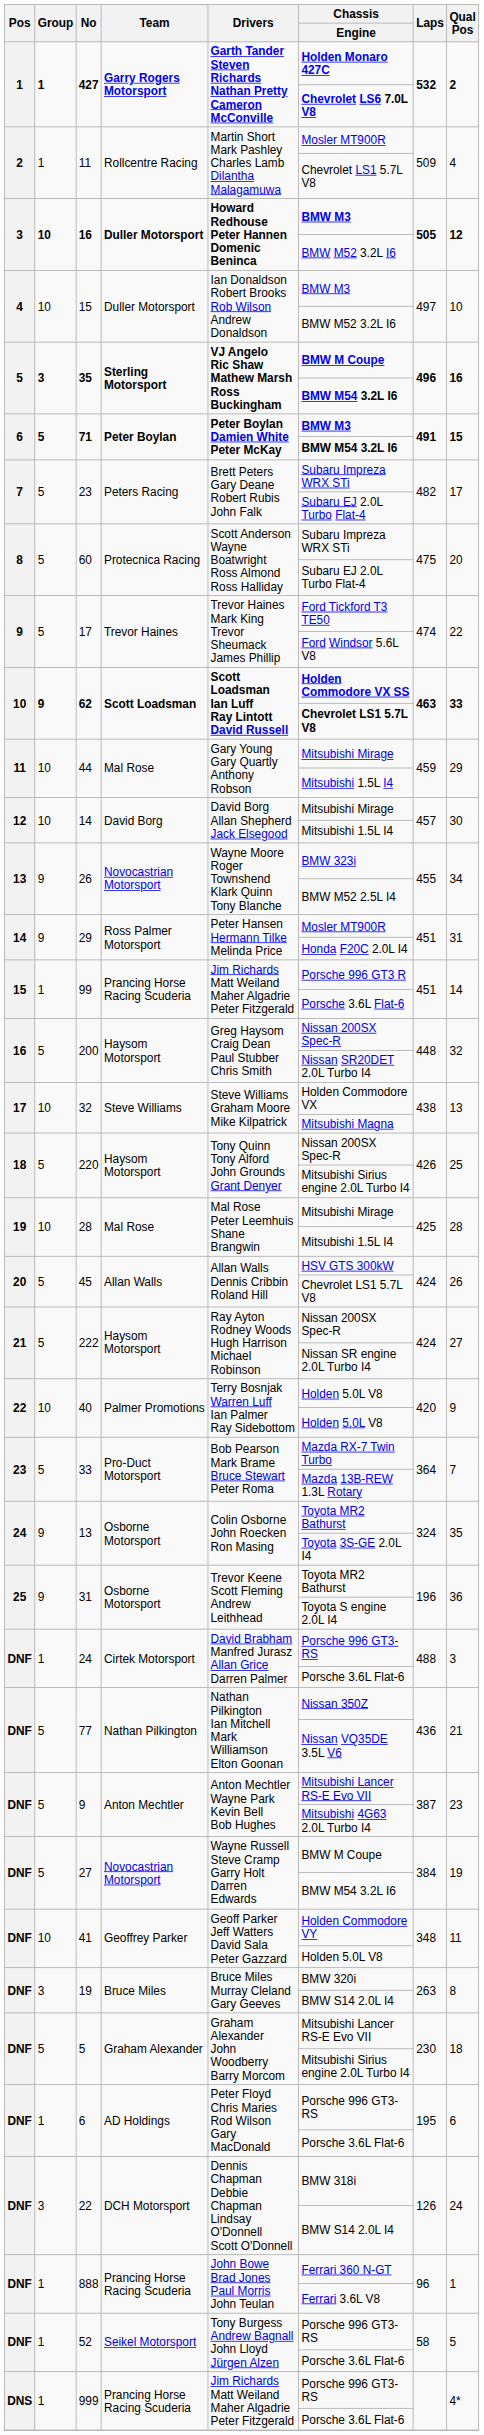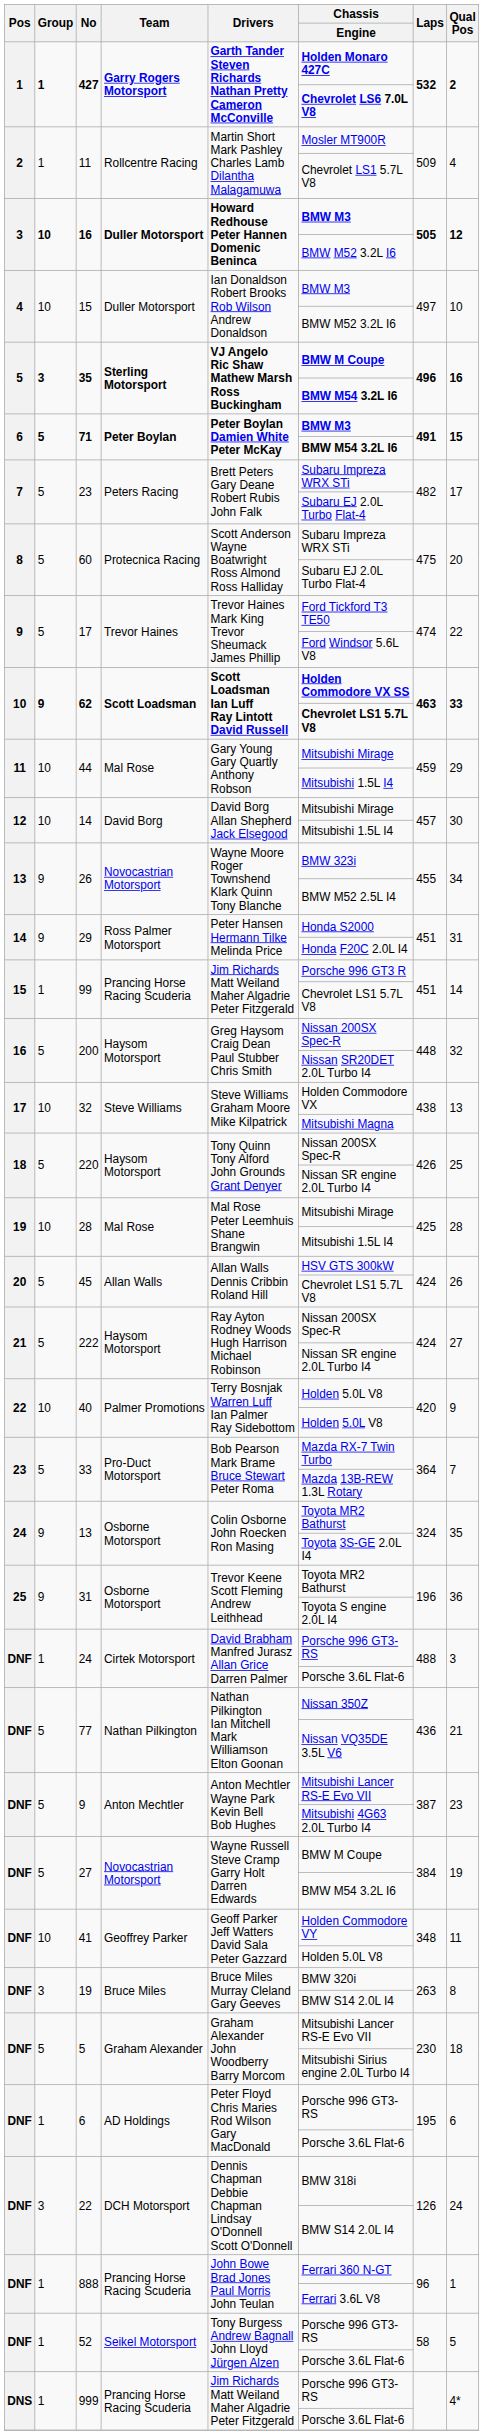 <table class="wikitable" style="font-size: 95%;">
 <tr>
 <th rowspan=2>Pos</th>
 <th rowspan=2>Group</th>
 <th rowspan=2>No</th>
 <th rowspan=2>Team</th>
 <th rowspan=2>Drivers</th>
 <th>Chassis</th>
 <th rowspan=2>Laps</th>
 <th rowspan=2>Qual<br>Pos</th>
 </tr>
 <tr>
 <th>Engine</th>
 </tr>
 <tr style="font-weight:bold">
 <th rowspan=2>1</th>
 <td rowspan=2>1</td>
 <td rowspan=2>427</td>
 <td rowspan=2> <a href='#'>Garry Rogers Motorsport</a></td>
 <td rowspan=2> <a href='#'>Garth Tander</a><br> <a href='#'>Steven Richards</a><br> <a href='#'>Nathan Pretty</a><br> <a href='#'>Cameron McConville</a></td>
 <td><a href='#'>Holden Monaro 427C</a></td>
 <td rowspan=2>532</td>
 <td rowspan=2>2</td>
 </tr>
 <tr style="font-weight:bold">
 <td><a href='#'>Chevrolet</a> <a href='#'>LS6</a> 7.0L <a href='#'>V8</a></td>
 </tr>
 <tr>
 <th rowspan=2>2</th>
 <td rowspan=2>1</td>
 <td rowspan=2>11</td>
 <td rowspan=2> Rollcentre Racing</td>
 <td rowspan=2> Martin Short<br> Mark Pashley<br> Charles Lamb<br> <a href='#'>Dilantha Malagamuwa</a></td>
 <td><a href='#'>Mosler MT900R</a></td>
 <td rowspan=2>509</td>
 <td rowspan=2>4</td>
 </tr>
 <tr>
 <td>Chevrolet <a href='#'>LS1</a> 5.7L V8</td>
 </tr>
 <tr style="font-weight:bold">
 <th rowspan=2>3</th>
 <td rowspan=2>10</td>
 <td rowspan=2>16</td>
 <td rowspan=2> Duller Motorsport</td>
 <td rowspan=2> Howard Redhouse<br> Peter Hannen<br> Domenic Beninca</td>
 <td><a href='#'>BMW M3</a></td>
 <td rowspan=2>505</td>
 <td rowspan=2>12</td>
 </tr>
 <tr>
 <td><a href='#'>BMW</a> <a href='#'>M52</a> 3.2L <a href='#'>I6</a></td>
 </tr>
 <tr>
 <th rowspan=2>4</th>
 <td rowspan=2>10</td>
 <td rowspan=2>15</td>
 <td rowspan=2> Duller Motorsport</td>
 <td rowspan=2> Ian Donaldson<br> Robert Brooks<br> <a href='#'>Rob Wilson</a><br> Andrew Donaldson</td>
 <td><a href='#'>BMW M3</a></td>
 <td rowspan=2>497</td>
 <td rowspan=2>10</td>
 </tr>
 <tr>
 <td>BMW M52 3.2L I6</td>
 </tr>
 <tr style="font-weight:bold">
 <th rowspan=2>5</th>
 <td rowspan=2>3</td>
 <td rowspan=2>35</td>
 <td rowspan=2> Sterling Motorsport</td>
 <td rowspan=2> VJ Angelo<br> Ric Shaw<br> Mathew Marsh<br> Ross Buckingham</td>
 <td><a href='#'>BMW M Coupe</a></td>
 <td rowspan=2>496</td>
 <td rowspan=2>16</td>
 </tr>
 <tr style="font-weight:bold">
 <td><a href='#'>BMW M54</a> 3.2L I6</td>
 </tr>
 <tr style="font-weight:bold">
 <th rowspan=2>6</th>
 <td rowspan=2>5</td>
 <td rowspan=2>71</td>
 <td rowspan=2> Peter Boylan</td>
 <td rowspan=2> Peter Boylan<br> <a href='#'>Damien White</a><br> Peter McKay</td>
 <td><a href='#'>BMW M3</a></td>
 <td rowspan=2>491</td>
 <td rowspan=2>15</td>
 </tr>
 <tr style="font-weight:bold">
 <td>BMW M54 3.2L I6</td>
 </tr>
 <tr>
 <th rowspan=2>7</th>
 <td rowspan=2>5</td>
 <td rowspan=2>23</td>
 <td rowspan=2> Peters Racing</td>
 <td rowspan=2> Brett Peters<br> Gary Deane<br> Robert Rubis<br> John Falk</td>
 <td><a href='#'>Subaru Impreza WRX STi</a></td>
 <td rowspan=2>482</td>
 <td rowspan=2>17</td>
 </tr>
 <tr>
 <td><a href='#'>Subaru EJ</a> 2.0L <a href='#'>Turbo</a> <a href='#'>Flat-4</a></td>
 </tr>
 <tr>
 <th rowspan=2>8</th>
 <td rowspan=2>5</td>
 <td rowspan=2>60</td>
 <td rowspan=2> Protecnica Racing</td>
 <td rowspan=2> Scott Anderson<br> Wayne Boatwright<br> Ross Almond<br> Ross Halliday</td>
 <td>Subaru Impreza WRX STi</td>
 <td rowspan=2>475</td>
 <td rowspan=2>20</td>
 </tr>
 <tr>
 <td>Subaru EJ 2.0L Turbo Flat-4</td>
 </tr>
 <tr>
 <th rowspan=2>9</th>
 <td rowspan=2>5</td>
 <td rowspan=2>17</td>
 <td rowspan=2> Trevor Haines</td>
 <td rowspan=2> Trevor Haines<br> Mark King<br> Trevor Sheumack<br> James Phillip</td>
 <td><a href='#'>Ford Tickford T3 TE50</a></td>
 <td rowspan=2>474</td>
 <td rowspan=2>22</td>
 </tr>
 <tr>
 <td><a href='#'>Ford</a> <a href='#'>Windsor</a> 5.6L V8</td>
 </tr>
 <tr style="font-weight:bold">
 <th rowspan=2>10</th>
 <td rowspan=2>9</td>
 <td rowspan=2>62</td>
 <td rowspan=2> Scott Loadsman</td>
 <td rowspan=2> Scott Loadsman<br> Ian Luff<br> Ray Lintott<br> <a href='#'>David Russell</a></td>
 <td><a href='#'>Holden Commodore VX SS</a></td>
 <td rowspan=2>463</td>
 <td rowspan=2>33</td>
 </tr>
 <tr style="font-weight:bold">
 <td>Chevrolet LS1 5.7L V8</td>
 </tr>
 <tr>
 <th rowspan=2>11</th>
 <td rowspan=2>10</td>
 <td rowspan=2>44</td>
 <td rowspan=2> Mal Rose</td>
 <td rowspan=2> Gary Young<br> Gary Quartly<br> Anthony Robson</td>
 <td><a href='#'>Mitsubishi Mirage</a></td>
 <td rowspan=2>459</td>
 <td rowspan=2>29</td>
 </tr>
 <tr>
 <td><a href='#'>Mitsubishi</a> 1.5L <a href='#'>I4</a></td>
 </tr>
 <tr>
 <th rowspan=2>12</th>
 <td rowspan=2>10</td>
 <td rowspan=2>14</td>
 <td rowspan=2> David Borg</td>
 <td rowspan=2> David Borg<br> Allan Shepherd<br> <a href='#'>Jack Elsegood</a></td>
 <td>Mitsubishi Mirage</td>
 <td rowspan=2>457</td>
 <td rowspan=2>30</td>
 </tr>
 <tr>
 <td>Mitsubishi 1.5L I4</td>
 </tr>
 <tr>
 <th rowspan=2>13</th>
 <td rowspan=2>9</td>
 <td rowspan=2>26</td>
 <td rowspan=2> <a href='#'>Novocastrian Motorsport</a></td>
 <td rowspan=2> Wayne Moore<br> Roger Townshend<br> Klark Quinn<br> Tony Blanche</td>
 <td><a href='#'>BMW 323i</a></td>
 <td rowspan=2>455</td>
 <td rowspan=2>34</td>
 </tr>
 <tr>
 <td>BMW M52 2.5L I4</td>
 </tr>
 <tr>
 <th rowspan=2>14</th>
 <td rowspan=2>9</td>
 <td rowspan=2>29</td>
 <td rowspan=2> Ross Palmer Motorsport</td>
 <td rowspan=2> Peter Hansen<br> <a href='#'>Hermann Tilke</a><br> Melinda Price</td>
-<td><a href='#'>Mosler MT900R</a></td>
+<td><a href='#'>Honda S2000</a></td>
 <td rowspan=2>451</td>
 <td rowspan=2>31</td>
 </tr>
 <tr>
 <td><a href='#'>Honda</a> <a href='#'>F20C</a> 2.0L I4</td>
 </tr>
 <tr>
 <th rowspan=2>15</th>
 <td rowspan=2>1</td>
 <td rowspan=2>99</td>
 <td rowspan=2> Prancing Horse Racing Scuderia</td>
 <td rowspan=2> <a href='#'>Jim Richards</a><br> Matt Weiland<br> Maher Algadrie<br> Peter Fitzgerald</td>
 <td><a href='#'>Porsche 996 GT3 R</a></td>
 <td rowspan=2>451</td>
 <td rowspan=2>14</td>
 </tr>
 <tr>
-<td><a href='#'>Porsche</a> 3.6L <a href='#'>Flat-6</a></td>
+<td>Chevrolet LS1 5.7L V8</td>
 </tr>
 <tr>
 <th rowspan=2>16</th>
 <td rowspan=2>5</td>
 <td rowspan=2>200</td>
 <td rowspan=2> Haysom Motorsport</td>
 <td rowspan=2> Greg Haysom<br> Craig Dean<br> Paul Stubber<br> Chris Smith</td>
 <td><a href='#'>Nissan 200SX Spec-R</a></td>
 <td rowspan=2>448</td>
 <td rowspan=2>32</td>
 </tr>
 <tr>
 <td><a href='#'>Nissan</a> <a href='#'>SR20DET</a> 2.0L Turbo I4</td>
 </tr>
 <tr>
 <th rowspan=2>17</th>
 <td rowspan=2>10</td>
 <td rowspan=2>32</td>
 <td rowspan=2> Steve Williams</td>
 <td rowspan=2> Steve Williams<br> Graham Moore<br> Mike Kilpatrick</td>
 <td>Holden Commodore VX</td>
 <td rowspan=2>438</td>
 <td rowspan=2>13</td>
 </tr>
 <tr>
 <td><a href='#'>Mitsubishi Magna</a></td>
 </tr>
 <tr>
 <th rowspan=2>18</th>
 <td rowspan=2>5</td>
 <td rowspan=2>220</td>
 <td rowspan=2> Haysom Motorsport</td>
 <td rowspan=2> Tony Quinn<br> Tony Alford<br> John Grounds<br> <a href='#'>Grant Denyer</a></td>
 <td>Nissan 200SX Spec-R</td>
 <td rowspan=2>426</td>
 <td rowspan=2>25</td>
 </tr>
 <tr>
-<td>Mitsubishi Sirius engine 2.0L Turbo I4</td>
+<td>Nissan SR engine 2.0L Turbo I4</td>
 </tr>
 <tr>
 <th rowspan=2>19</th>
 <td rowspan=2>10</td>
 <td rowspan=2>28</td>
 <td rowspan=2> Mal Rose</td>
 <td rowspan=2> Mal Rose<br> Peter Leemhuis<br> Shane Brangwin</td>
 <td>Mitsubishi Mirage</td>
 <td rowspan=2>425</td>
 <td rowspan=2>28</td>
 </tr>
 <tr>
 <td>Mitsubishi 1.5L I4</td>
 </tr>
 <tr>
 <th rowspan=2>20</th>
 <td rowspan=2>5</td>
 <td rowspan=2>45</td>
 <td rowspan=2> Allan Walls</td>
 <td rowspan=2> Allan Walls<br> Dennis Cribbin<br> Roland Hill</td>
 <td><a href='#'>HSV GTS 300kW</a></td>
 <td rowspan=2>424</td>
 <td rowspan=2>26</td>
 </tr>
 <tr>
 <td>Chevrolet LS1 5.7L V8</td>
 </tr>
 <tr>
 <th rowspan=2>21</th>
 <td rowspan=2>5</td>
 <td rowspan=2>222</td>
 <td rowspan=2> Haysom Motorsport</td>
 <td rowspan=2> Ray Ayton<br> Rodney Woods<br> Hugh Harrison<br> Michael Robinson</td>
 <td>Nissan 200SX Spec-R</td>
 <td rowspan=2>424</td>
 <td rowspan=2>27</td>
 </tr>
 <tr>
 <td>Nissan SR engine 2.0L Turbo I4</td>
 </tr>
 <tr>
 <th rowspan=2>22</th>
 <td rowspan=2>10</td>
 <td rowspan=2>40</td>
 <td rowspan=2> Palmer Promotions</td>
 <td rowspan=2> Terry Bosnjak<br> <a href='#'>Warren Luff</a><br> Ian Palmer<br> Ray Sidebottom</td>
 <td><a href='#'>Holden</a> 5.0L V8</td>
 <td rowspan=2>420</td>
 <td rowspan=2>9</td>
 </tr>
 <tr>
 <td><a href='#'>Holden</a> <a href='#'>5.0L</a> V8</td>
 </tr>
 <tr>
 <th rowspan=2>23</th>
 <td rowspan=2>5</td>
 <td rowspan=2>33</td>
 <td rowspan=2> Pro-Duct Motorsport</td>
 <td rowspan=2> Bob Pearson<br> Mark Brame<br> <a href='#'>Bruce Stewart</a><br> Peter Roma</td>
 <td><a href='#'>Mazda RX-7 Twin Turbo</a></td>
 <td rowspan=2>364</td>
 <td rowspan=2>7</td>
 </tr>
 <tr>
 <td><a href='#'>Mazda</a> <a href='#'>13B-REW</a> 1.3L <a href='#'>Rotary</a></td>
 </tr>
 <tr>
 <th rowspan=2>24</th>
 <td rowspan=2>9</td>
 <td rowspan=2>13</td>
 <td rowspan=2> Osborne Motorsport</td>
 <td rowspan=2> Colin Osborne<br> John Roecken<br> Ron Masing</td>
 <td><a href='#'>Toyota MR2 Bathurst</a></td>
 <td rowspan=2>324</td>
 <td rowspan=2>35</td>
 </tr>
 <tr>
 <td><a href='#'>Toyota</a> <a href='#'>3S-GE</a> 2.0L I4</td>
 </tr>
 <tr>
 <th rowspan=2>25</th>
 <td rowspan=2>9</td>
 <td rowspan=2>31</td>
 <td rowspan=2> Osborne Motorsport</td>
 <td rowspan=2> Trevor Keene<br> Scott Fleming<br> Andrew Leithhead</td>
 <td>Toyota MR2 Bathurst</td>
 <td rowspan=2>196</td>
 <td rowspan=2>36</td>
 </tr>
 <tr>
 <td>Toyota S engine 2.0L I4</td>
 </tr>
 <tr>
 <th rowspan=2>DNF</th>
 <td rowspan=2>1</td>
 <td rowspan=2>24</td>
 <td rowspan=2> Cirtek Motorsport</td>
 <td rowspan=2> <a href='#'>David Brabham</a><br> Manfred Jurasz<br> <a href='#'>Allan Grice</a><br> Darren Palmer</td>
 <td><a href='#'>Porsche 996 GT3-RS</a></td>
 <td rowspan=2>488</td>
 <td rowspan=2>3</td>
 </tr>
 <tr>
 <td>Porsche 3.6L Flat-6</td>
 </tr>
 <tr>
 <th rowspan=2>DNF</th>
 <td rowspan=2>5</td>
 <td rowspan=2>77</td>
 <td rowspan=2> Nathan Pilkington</td>
 <td rowspan=2> Nathan Pilkington<br> Ian Mitchell<br> Mark Williamson<br> Elton Goonan</td>
 <td><a href='#'>Nissan 350Z</a></td>
 <td rowspan=2>436</td>
 <td rowspan=2>21</td>
 </tr>
 <tr>
 <td><a href='#'>Nissan</a> <a href='#'>VQ35DE</a> 3.5L <a href='#'>V6</a></td>
 </tr>
 <tr>
 <th rowspan=2>DNF</th>
 <td rowspan=2>5</td>
 <td rowspan=2>9</td>
 <td rowspan=2> Anton Mechtler</td>
 <td rowspan=2> Anton Mechtler<br> Wayne Park<br> Kevin Bell<br> Bob Hughes</td>
 <td><a href='#'>Mitsubishi Lancer RS-E Evo VII</a></td>
 <td rowspan=2>387</td>
 <td rowspan=2>23</td>
 </tr>
 <tr>
 <td><a href='#'>Mitsubishi</a> <a href='#'>4G63</a> 2.0L Turbo I4</td>
 </tr>
 <tr>
 <th rowspan=2>DNF</th>
 <td rowspan=2>5</td>
 <td rowspan=2>27</td>
 <td rowspan=2> <a href='#'>Novocastrian Motorsport</a></td>
 <td rowspan=2> Wayne Russell<br> Steve Cramp<br> Garry Holt<br> Darren Edwards</td>
 <td>BMW M Coupe</td>
 <td rowspan=2>384</td>
 <td rowspan=2>19</td>
 </tr>
 <tr>
 <td>BMW M54 3.2L I6</td>
 </tr>
 <tr>
 <th rowspan=2>DNF</th>
 <td rowspan=2>10</td>
 <td rowspan=2>41</td>
 <td rowspan=2> Geoffrey Parker</td>
 <td rowspan=2> Geoff Parker<br> Jeff Watters<br> David Sala<br> Peter Gazzard</td>
 <td><a href='#'>Holden Commodore VY</a></td>
 <td rowspan=2>348</td>
 <td rowspan=2>11</td>
 </tr>
 <tr>
 <td>Holden 5.0L V8</td>
 </tr>
 <tr>
 <th rowspan=2>DNF</th>
 <td rowspan=2>3</td>
 <td rowspan=2>19</td>
 <td rowspan=2> Bruce Miles</td>
 <td rowspan=2> Bruce Miles<br> Murray Cleland<br> Gary Geeves</td>
 <td>BMW 320i</td>
 <td rowspan=2>263</td>
 <td rowspan=2>8</td>
 </tr>
 <tr>
 <td>BMW S14 2.0L I4</td>
 </tr>
 <tr>
 <th rowspan=2>DNF</th>
 <td rowspan=2>5</td>
 <td rowspan=2>5</td>
 <td rowspan=2> Graham Alexander</td>
 <td rowspan=2> Graham Alexander<br> John Woodberry<br> Barry Morcom</td>
 <td>Mitsubishi Lancer RS-E Evo VII</td>
 <td rowspan=2>230</td>
 <td rowspan=2>18</td>
 </tr>
 <tr>
 <td>Mitsubishi Sirius engine 2.0L Turbo I4</td>
 </tr>
 <tr>
 <th rowspan=2>DNF</th>
 <td rowspan=2>1</td>
 <td rowspan=2>6</td>
 <td rowspan=2> AD Holdings</td>
 <td rowspan=2> Peter Floyd<br> Chris Maries<br> Rod Wilson<br> Gary MacDonald</td>
 <td>Porsche 996 GT3-RS</td>
 <td rowspan=2>195</td>
 <td rowspan=2>6</td>
 </tr>
 <tr>
 <td>Porsche 3.6L Flat-6</td>
 </tr>
 <tr>
 <th rowspan=2>DNF</th>
 <td rowspan=2>3</td>
 <td rowspan=2>22</td>
 <td rowspan=2> DCH Motorsport</td>
 <td rowspan=2> Dennis Chapman<br> Debbie Chapman<br> Lindsay O'Donnell<br> Scott O'Donnell</td>
 <td>BMW 318i</td>
 <td rowspan=2>126</td>
 <td rowspan=2>24</td>
 </tr>
 <tr>
 <td>BMW S14 2.0L I4</td>
 </tr>
 <tr>
 <th rowspan=2>DNF</th>
 <td rowspan=2>1</td>
 <td rowspan=2>888</td>
 <td rowspan=2> Prancing Horse Racing Scuderia</td>
 <td rowspan=2> <a href='#'>John Bowe</a><br> <a href='#'>Brad Jones</a><br> <a href='#'>Paul Morris</a><br> John Teulan</td>
 <td><a href='#'>Ferrari 360 N-GT</a></td>
 <td rowspan=2>96</td>
 <td rowspan=2>1</td>
 </tr>
 <tr>
 <td><a href='#'>Ferrari</a> 3.6L V8</td>
 </tr>
 <tr>
 <th rowspan=2>DNF</th>
 <td rowspan=2>1</td>
 <td rowspan=2>52</td>
 <td rowspan=2> <a href='#'>Seikel Motorsport</a></td>
 <td rowspan=2> Tony Burgess<br> <a href='#'>Andrew Bagnall</a><br> John Lloyd<br> <a href='#'>Jürgen Alzen</a></td>
 <td>Porsche 996 GT3-RS</td>
 <td rowspan=2>58</td>
 <td rowspan=2>5</td>
 </tr>
 <tr>
 <td>Porsche 3.6L Flat-6</td>
 </tr>
 <tr>
 <th rowspan=2>DNS</th>
 <td rowspan=2>1</td>
 <td rowspan=2>999</td>
 <td rowspan=2> Prancing Horse Racing Scuderia</td>
 <td rowspan=2> <a href='#'>Jim Richards</a><br> Matt Weiland<br> Maher Algadrie<br> Peter Fitzgerald</td>
 <td>Porsche 996 GT3-RS</td>
 <td rowspan=2></td>
 <td rowspan=2>4*</td>
 </tr>
 <tr>
 <td>Porsche 3.6L Flat-6</td>
 </tr>
 <tr>
 </tr>
 </table>
